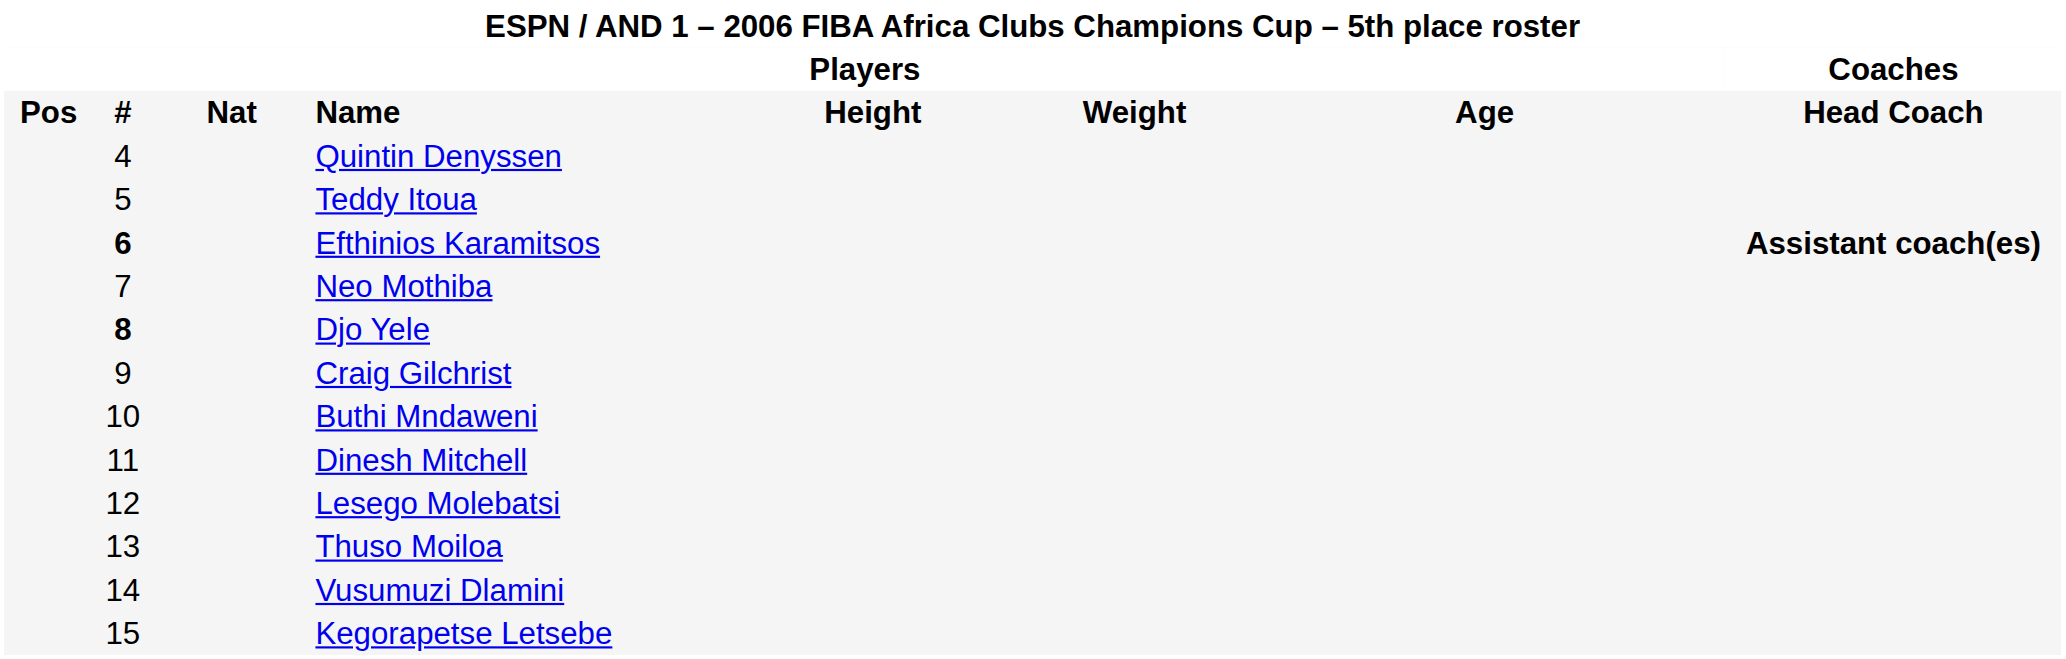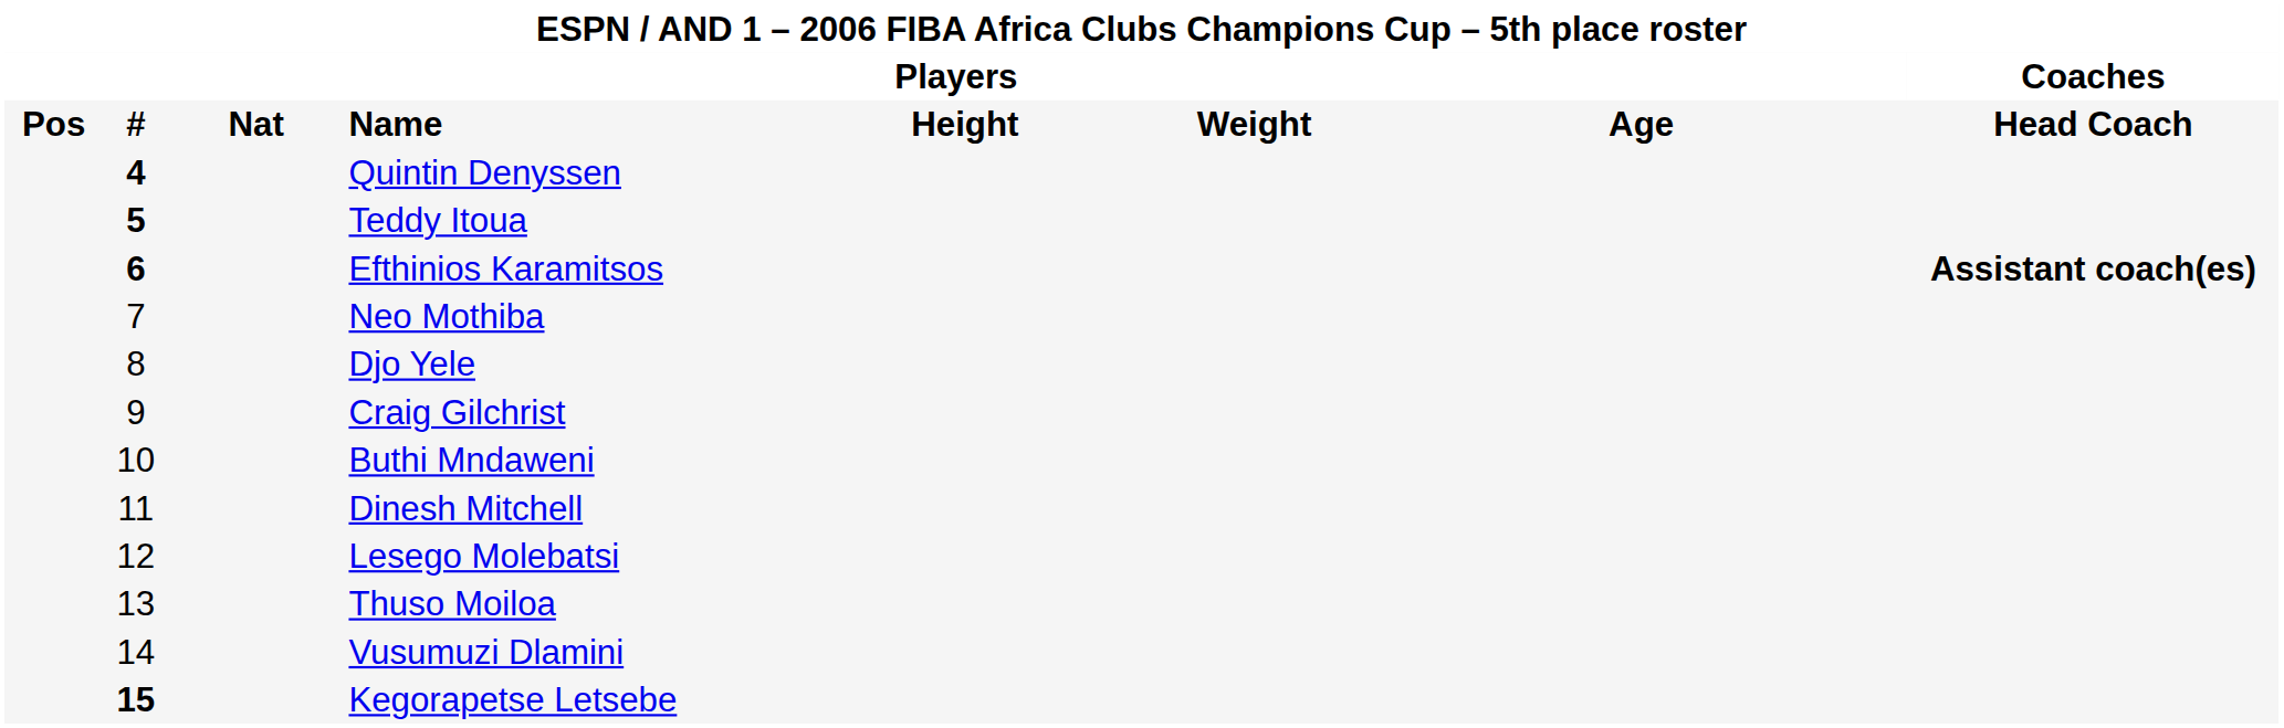 <table border=0 cellpadding=2 cellspacing=0  |- bgcolor=#f5f5f5 style="text-align:center; font-size:90%;" width=75%>
 <tr>
 <td colspan="8" style="background: white; color: black"><strong>ESPN / AND 1 – 2006 FIBA Africa Clubs Champions Cup – 5th place roster</strong></td>
 </tr>
 <tr>
 <td colspan="7" style="background: white; color: black"><strong>Players</strong></td>
 <td style="background: white; color: black"><strong>Coaches</strong></td>
 </tr>
 <tr style="background=#f5f5f5; color: black">
 <th width=5px>Pos</th>
 <th width=5px>#</th>
 <th width=50px>Nat</th>
 <th width=135px align=left>Name</th>
 <th width=100px>Height</th>
 <th width=70px>Weight</th>
 <th width=160px>Age</th>
 <th width=110px>Head Coach</th>
 </tr>
 <tr>
 <td></td>
-<td>4</td>
+<td><strong>4</strong></td>
 <td></td>
 <td align=left><a href='#'>Quintin Denyssen</a></td>
 <td></td>
 <td></td>
 <td><span></span></td>
 <td></td>
 </tr>
 <tr>
 <td></td>
-<td>5</td>
+<td><strong>5</strong></td>
 <td></td>
 <td align=left><a href='#'>Teddy Itoua</a></td>
 <td></td>
 <td></td>
 <td><span></span></td>
 </tr>
 <tr>
 <td></td>
 <td><strong>6</strong></td>
 <td></td>
 <td align=left><a href='#'>Efthinios Karamitsos</a></td>
 <td></td>
 <td></td>
 <td><span></span></td>
 <td><strong>Assistant coach(es)</strong></td>
 </tr>
 <tr>
 <td></td>
 <td>7</td>
 <td></td>
 <td align=left><a href='#'>Neo Mothiba</a></td>
 <td></td>
 <td></td>
 <td><span></span></td>
 </tr>
 <tr>
 <td></td>
-<td><strong>8</strong></td>
+<td>8</td>
 <td></td>
 <td align=left><a href='#'>Djo Yele</a></td>
 <td></td>
 <td></td>
 <td><span></span></td>
 </tr>
 <tr>
 <td></td>
 <td>9</td>
 <td></td>
 <td align=left><a href='#'>Craig Gilchrist</a></td>
 <td></td>
 <td></td>
 <td><span></span></td>
 </tr>
 <tr>
 <td></td>
 <td>10</td>
 <td></td>
 <td align=left><a href='#'>Buthi Mndaweni</a></td>
 <td></td>
 <td></td>
 <td><span></span></td>
 </tr>
 <tr>
 <td></td>
 <td>11</td>
 <td></td>
 <td align=left><a href='#'>Dinesh Mitchell</a></td>
 <td></td>
 <td></td>
 <td><span></span></td>
 </tr>
 <tr>
 <td></td>
 <td>12</td>
 <td></td>
 <td align=left><a href='#'>Lesego Molebatsi</a></td>
 <td></td>
 <td></td>
 <td><span></span></td>
 <td></td>
 </tr>
 <tr>
 <td></td>
 <td>13</td>
 <td></td>
 <td align=left><a href='#'>Thuso Moiloa</a></td>
 <td></td>
 <td></td>
 <td><span></span></td>
 <td></td>
 </tr>
 <tr>
 <td></td>
 <td>14</td>
 <td></td>
 <td align=left><a href='#'>Vusumuzi Dlamini</a></td>
 <td></td>
 <td></td>
 <td><span></span></td>
 <td></td>
 </tr>
 <tr>
 <td></td>
-<td>15</td>
+<td><strong>15</strong></td>
 <td></td>
 <td align=left><a href='#'>Kegorapetse Letsebe</a></td>
 <td></td>
 <td></td>
 <td><span></span></td>
 </tr>
 </table>
